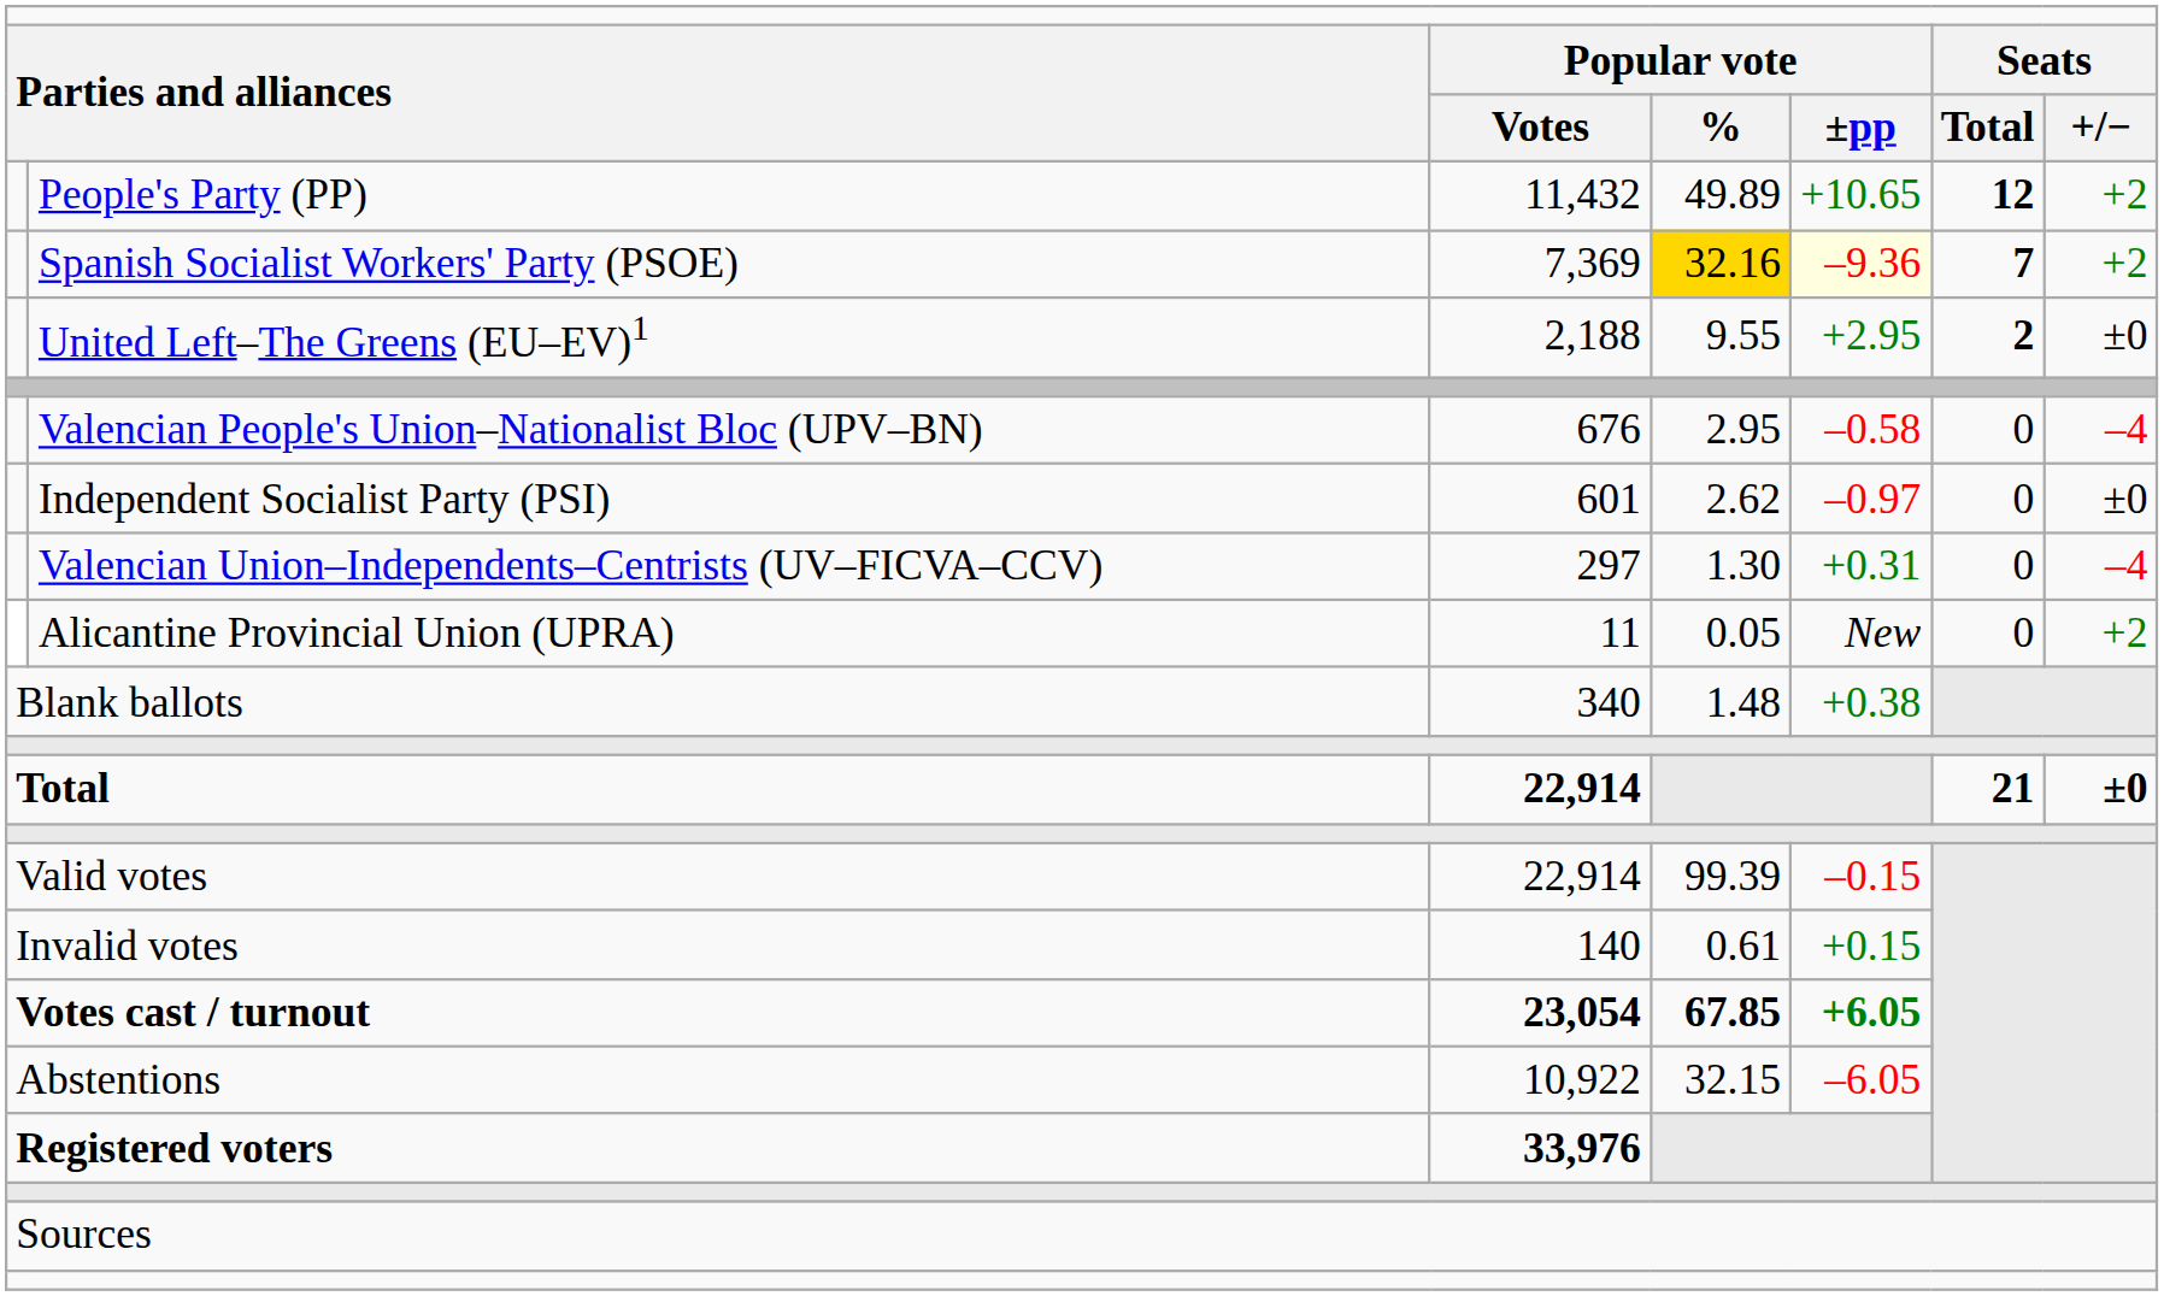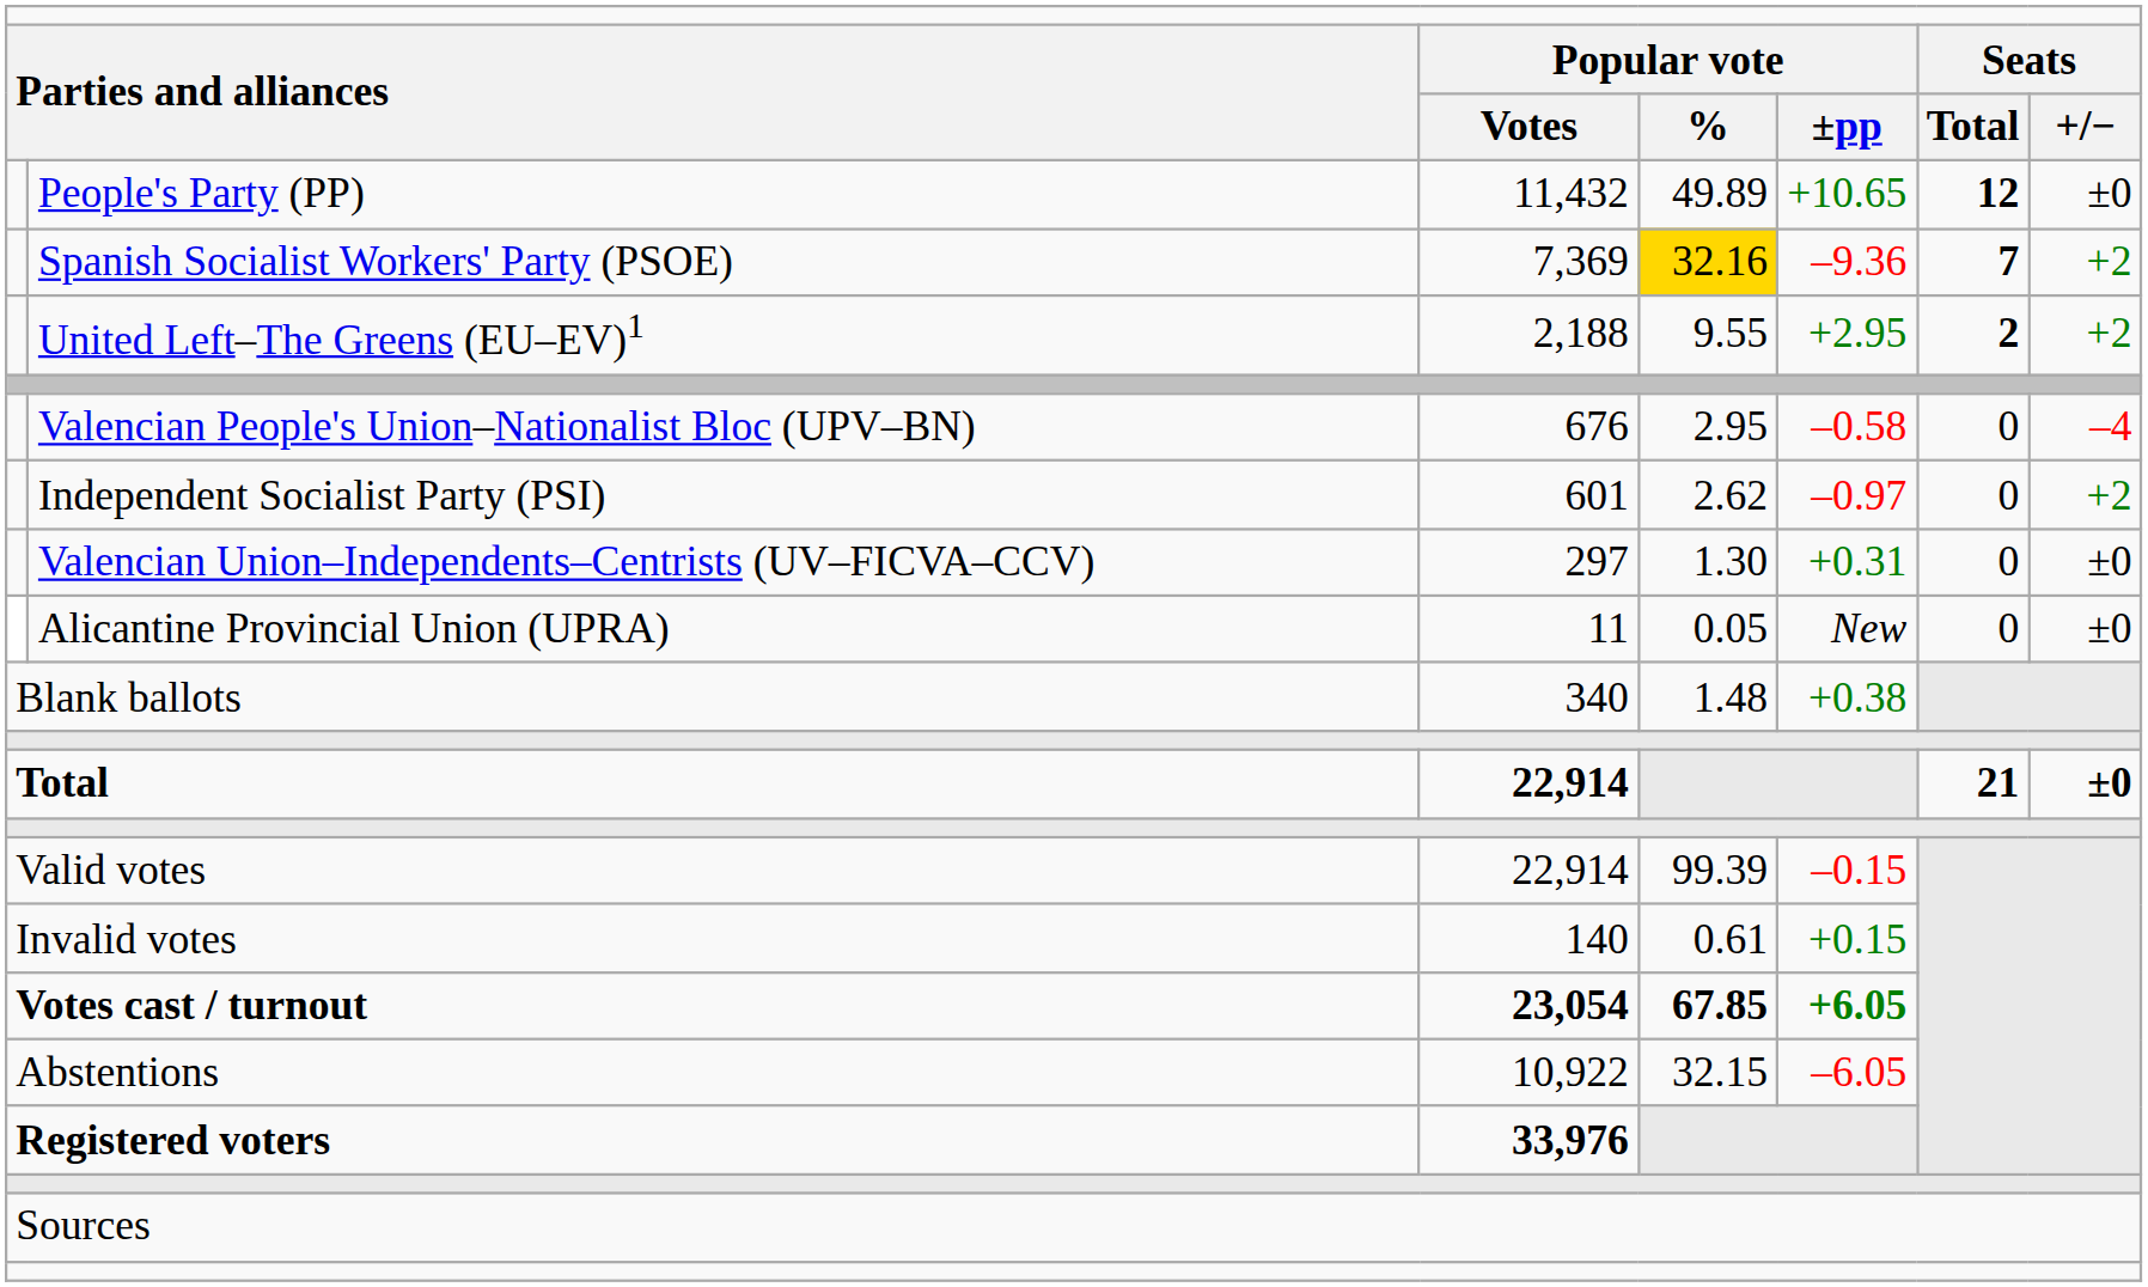 <table class="wikitable" style="text-align:right;">
 <tr>
 <td colspan="7"></td>
 </tr>
 <tr>
 <th style="text-align:left;" rowspan="2" colspan="2" width="525">Parties and alliances</th>
 <th colspan="3">Popular vote</th>
 <th colspan="2">Seats</th>
 </tr>
 <tr>
 <th width="75">Votes</th>
 <th width="45">%</th>
 <th width="45">±<a href='#'>pp</a></th>
 <th width="35">Total</th>
 <th width="35">+/−</th>
 </tr>
 <tr>
 <td width="1" style="color:inherit;background:"></td>
 <td align="left"><a href='#'>People's Party</a> (PP)</td>
 <td>11,432</td>
 <td>49.89</td>
 <td style="color:green;">+10.65</td>
 <td><strong>12</strong></td>
-<td style="color:green;">+2</td>
+<td>±0</td>
 </tr>
 <tr>
 <td style="color:inherit;background:"></td>
 <td align="left"><a href='#'>Spanish Socialist Workers' Party</a> (PSOE)</td>
 <td>7,369</td>
 <td style="background: gold;">32.16</td>
-<td style="background: lightyellow; color:red;">–9.36</td>
+<td style="color:red;">–9.36</td>
 <td><strong>7</strong></td>
 <td style="color:green;">+2</td>
 </tr>
 <tr>
 <td style="color:inherit;background:"></td>
 <td align="left"><a href='#'>United Left</a>–<a href='#'>The Greens</a> (EU–EV)<sup>1</sup></td>
 <td>2,188</td>
 <td>9.55</td>
 <td style="color:green;">+2.95</td>
 <td><strong>2</strong></td>
-<td>±0</td>
+<td style="color:green;">+2</td>
 </tr>
 <tr>
 <td colspan="7" bgcolor="#C0C0C0"></td>
 </tr>
 <tr>
 <td style="color:inherit;background:"></td>
 <td align="left"><a href='#'>Valencian People's Union</a>–<a href='#'>Nationalist Bloc</a> (UPV–BN)</td>
 <td>676</td>
 <td>2.95</td>
 <td style="color:red;">–0.58</td>
 <td>0</td>
 <td style="color:red;">–4</td>
 </tr>
 <tr>
 <td style="color:inherit;background:"></td>
 <td align="left">Independent Socialist Party (PSI)</td>
 <td>601</td>
 <td>2.62</td>
 <td style="color:red;">–0.97</td>
 <td>0</td>
-<td>±0</td>
+<td style="color:green;">+2</td>
 </tr>
 <tr>
 <td style="color:inherit;background:"></td>
 <td align="left"><a href='#'>Valencian Union–Independents–Centrists</a> (UV–FICVA–CCV)</td>
 <td>297</td>
 <td>1.30</td>
 <td style="color:green;">+0.31</td>
 <td>0</td>
-<td style="color:red;">–4</td>
+<td>±0</td>
 </tr>
 <tr>
 <td bgcolor="white"></td>
 <td align="left">Alicantine Provincial Union (UPRA)</td>
 <td>11</td>
 <td>0.05</td>
 <td><em>New</em></td>
 <td>0</td>
-<td style="color:green;">+2</td>
+<td>±0</td>
 </tr>
 <tr>
 <td align="left" colspan="2">Blank ballots</td>
 <td>340</td>
 <td>1.48</td>
 <td style="color:green;">+0.38</td>
 <td bgcolor="#E9E9E9" colspan="2"></td>
 </tr>
 <tr>
 <td colspan="7" bgcolor="#E9E9E9"></td>
 </tr>
 <tr style="font-weight:bold;">
 <td align="left" colspan="2">Total</td>
 <td>22,914</td>
 <td bgcolor="#E9E9E9" colspan="2"></td>
 <td>21</td>
 <td>±0</td>
 </tr>
 <tr>
 <td colspan="7" bgcolor="#E9E9E9"></td>
 </tr>
 <tr>
 <td align="left" colspan="2">Valid votes</td>
 <td>22,914</td>
 <td>99.39</td>
 <td style="color:red;">–0.15</td>
 <td bgcolor="#E9E9E9" colspan="2" rowspan="5"></td>
 </tr>
 <tr>
 <td align="left" colspan="2">Invalid votes</td>
 <td>140</td>
 <td>0.61</td>
 <td style="color:green;">+0.15</td>
 </tr>
 <tr style="font-weight:bold;">
 <td align="left" colspan="2">Votes cast / turnout</td>
 <td>23,054</td>
 <td>67.85</td>
 <td style="color:green;">+6.05</td>
 </tr>
 <tr>
 <td align="left" colspan="2">Abstentions</td>
 <td>10,922</td>
 <td>32.15</td>
 <td style="color:red;">–6.05</td>
 </tr>
 <tr style="font-weight:bold;">
 <td align="left" colspan="2">Registered voters</td>
 <td>33,976</td>
 <td bgcolor="#E9E9E9" colspan="2"></td>
 </tr>
 <tr>
 <td colspan="7" bgcolor="#E9E9E9"></td>
 </tr>
 <tr>
 <td align="left" colspan="7">Sources</td>
 </tr>
 <tr>
 <td colspan="7" style="text-align:left; max-width:790px;"></td>
 </tr>
 </table>
